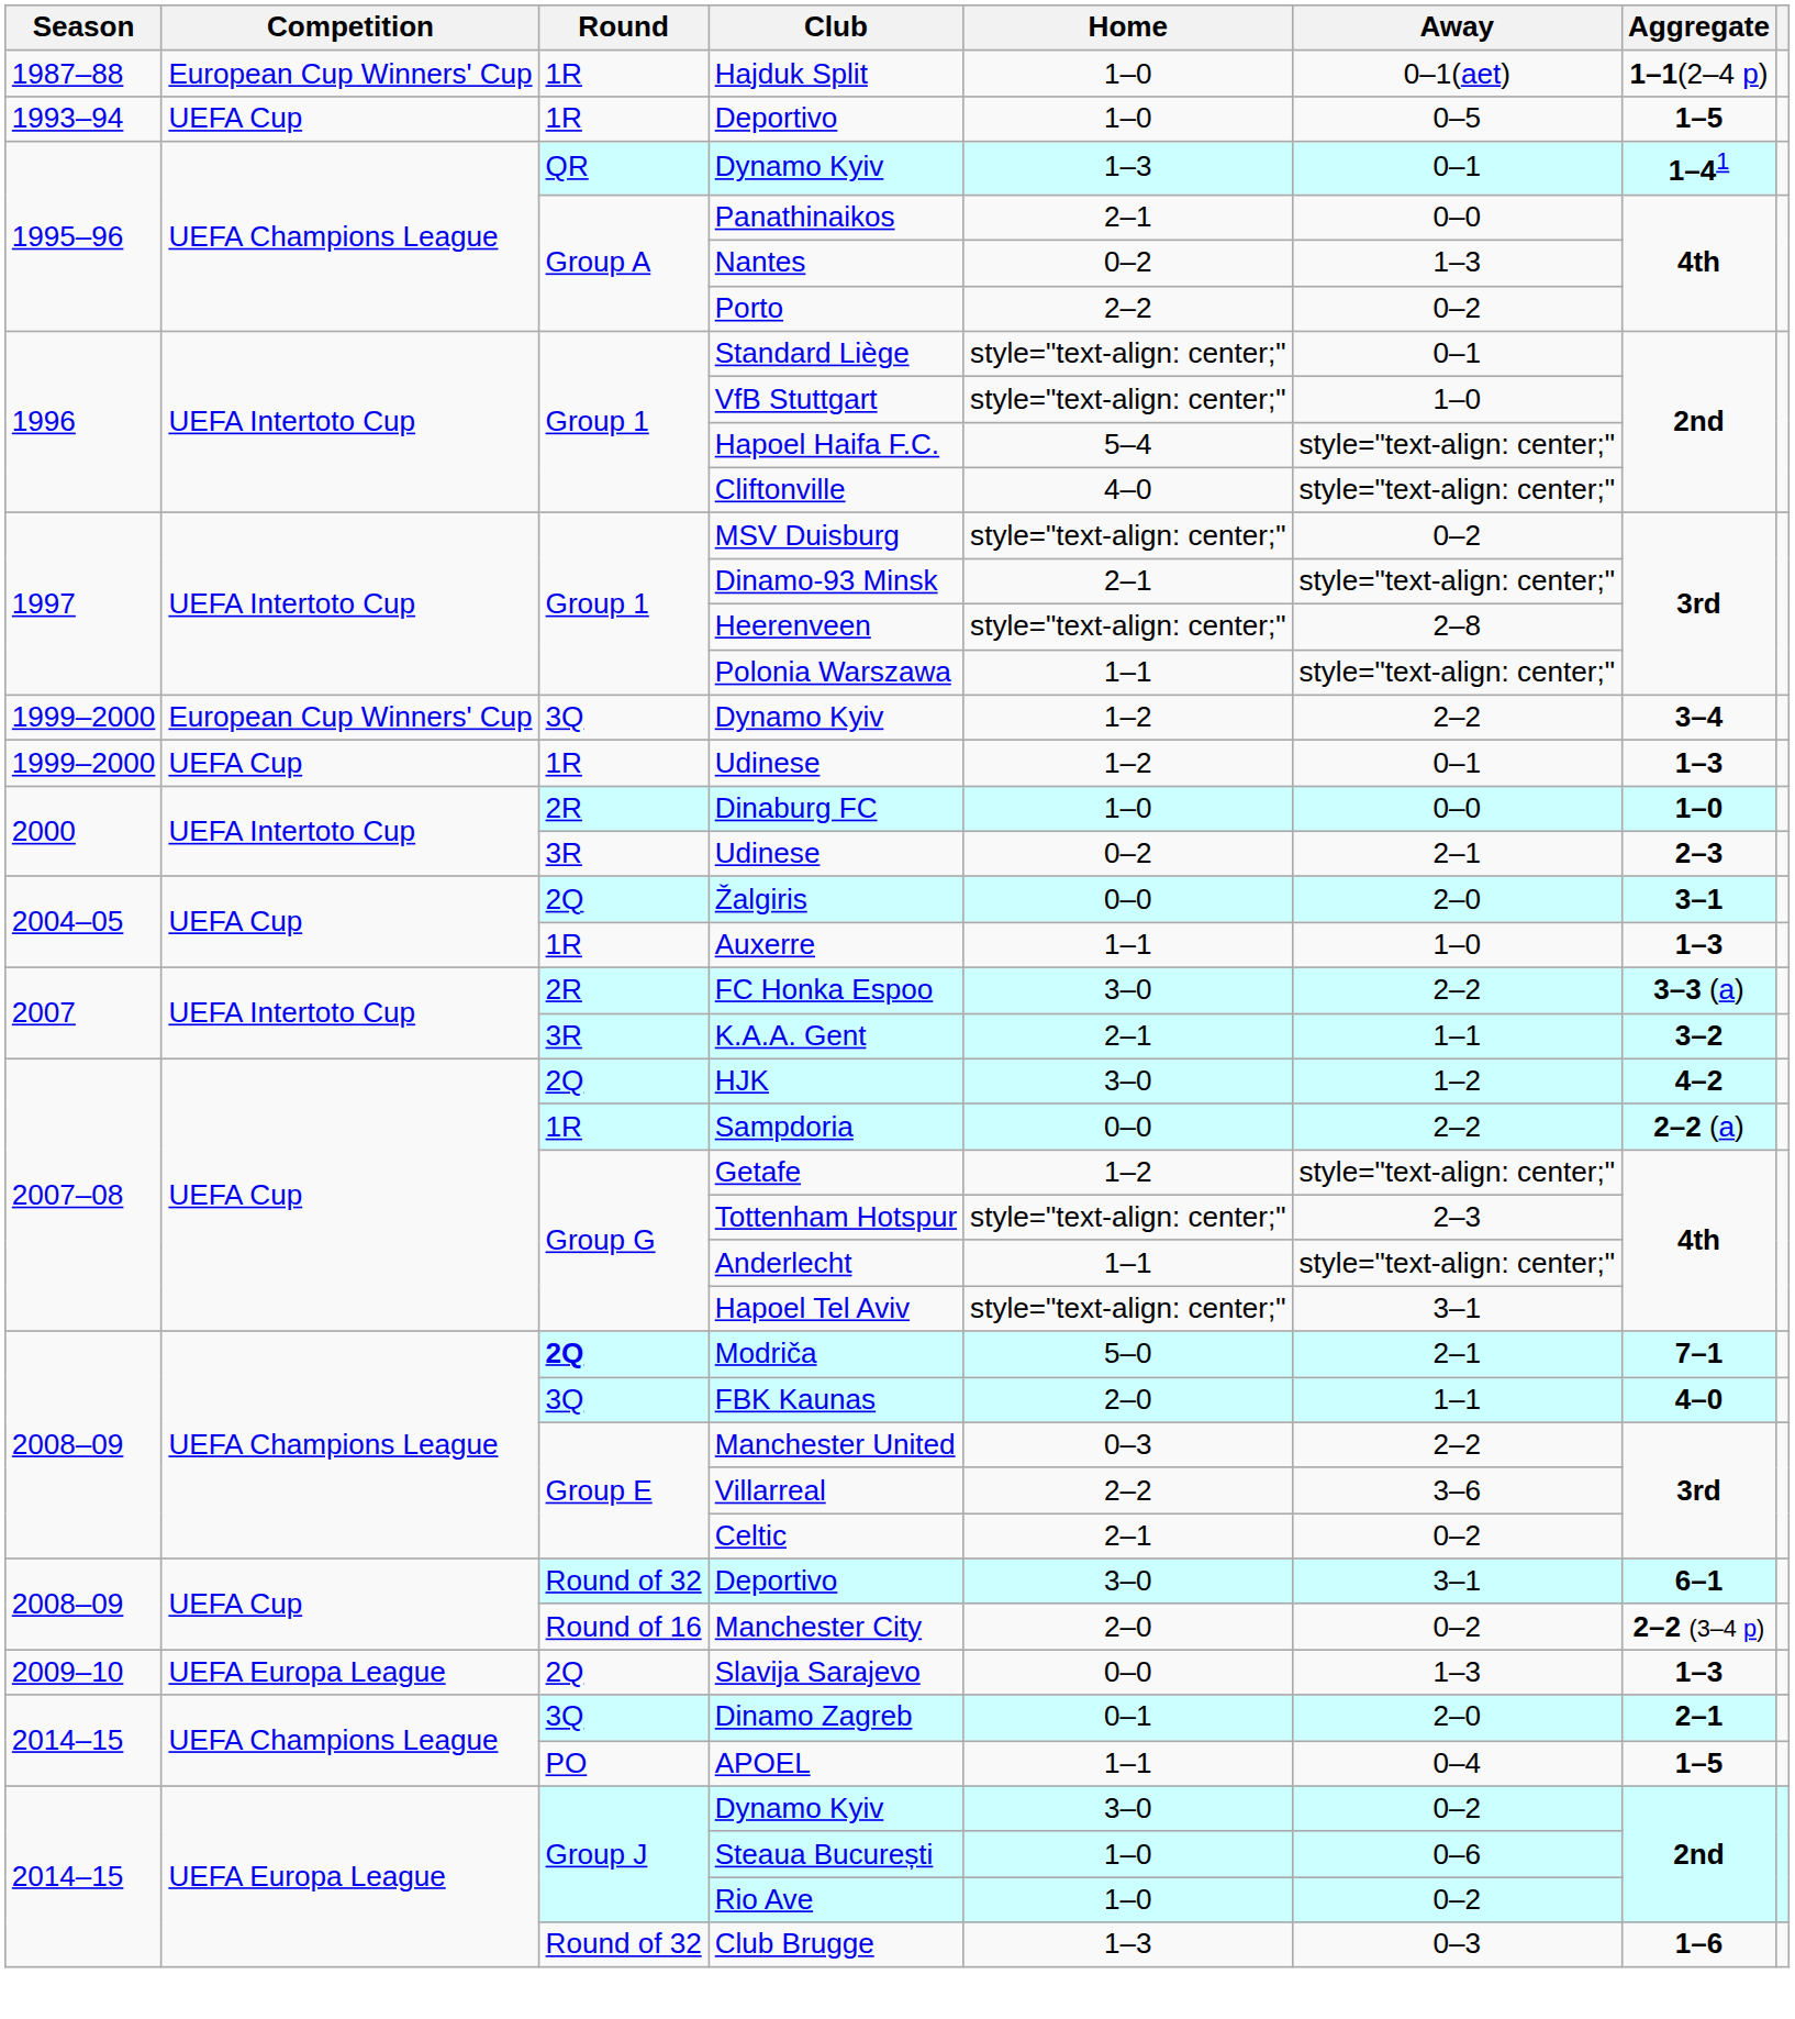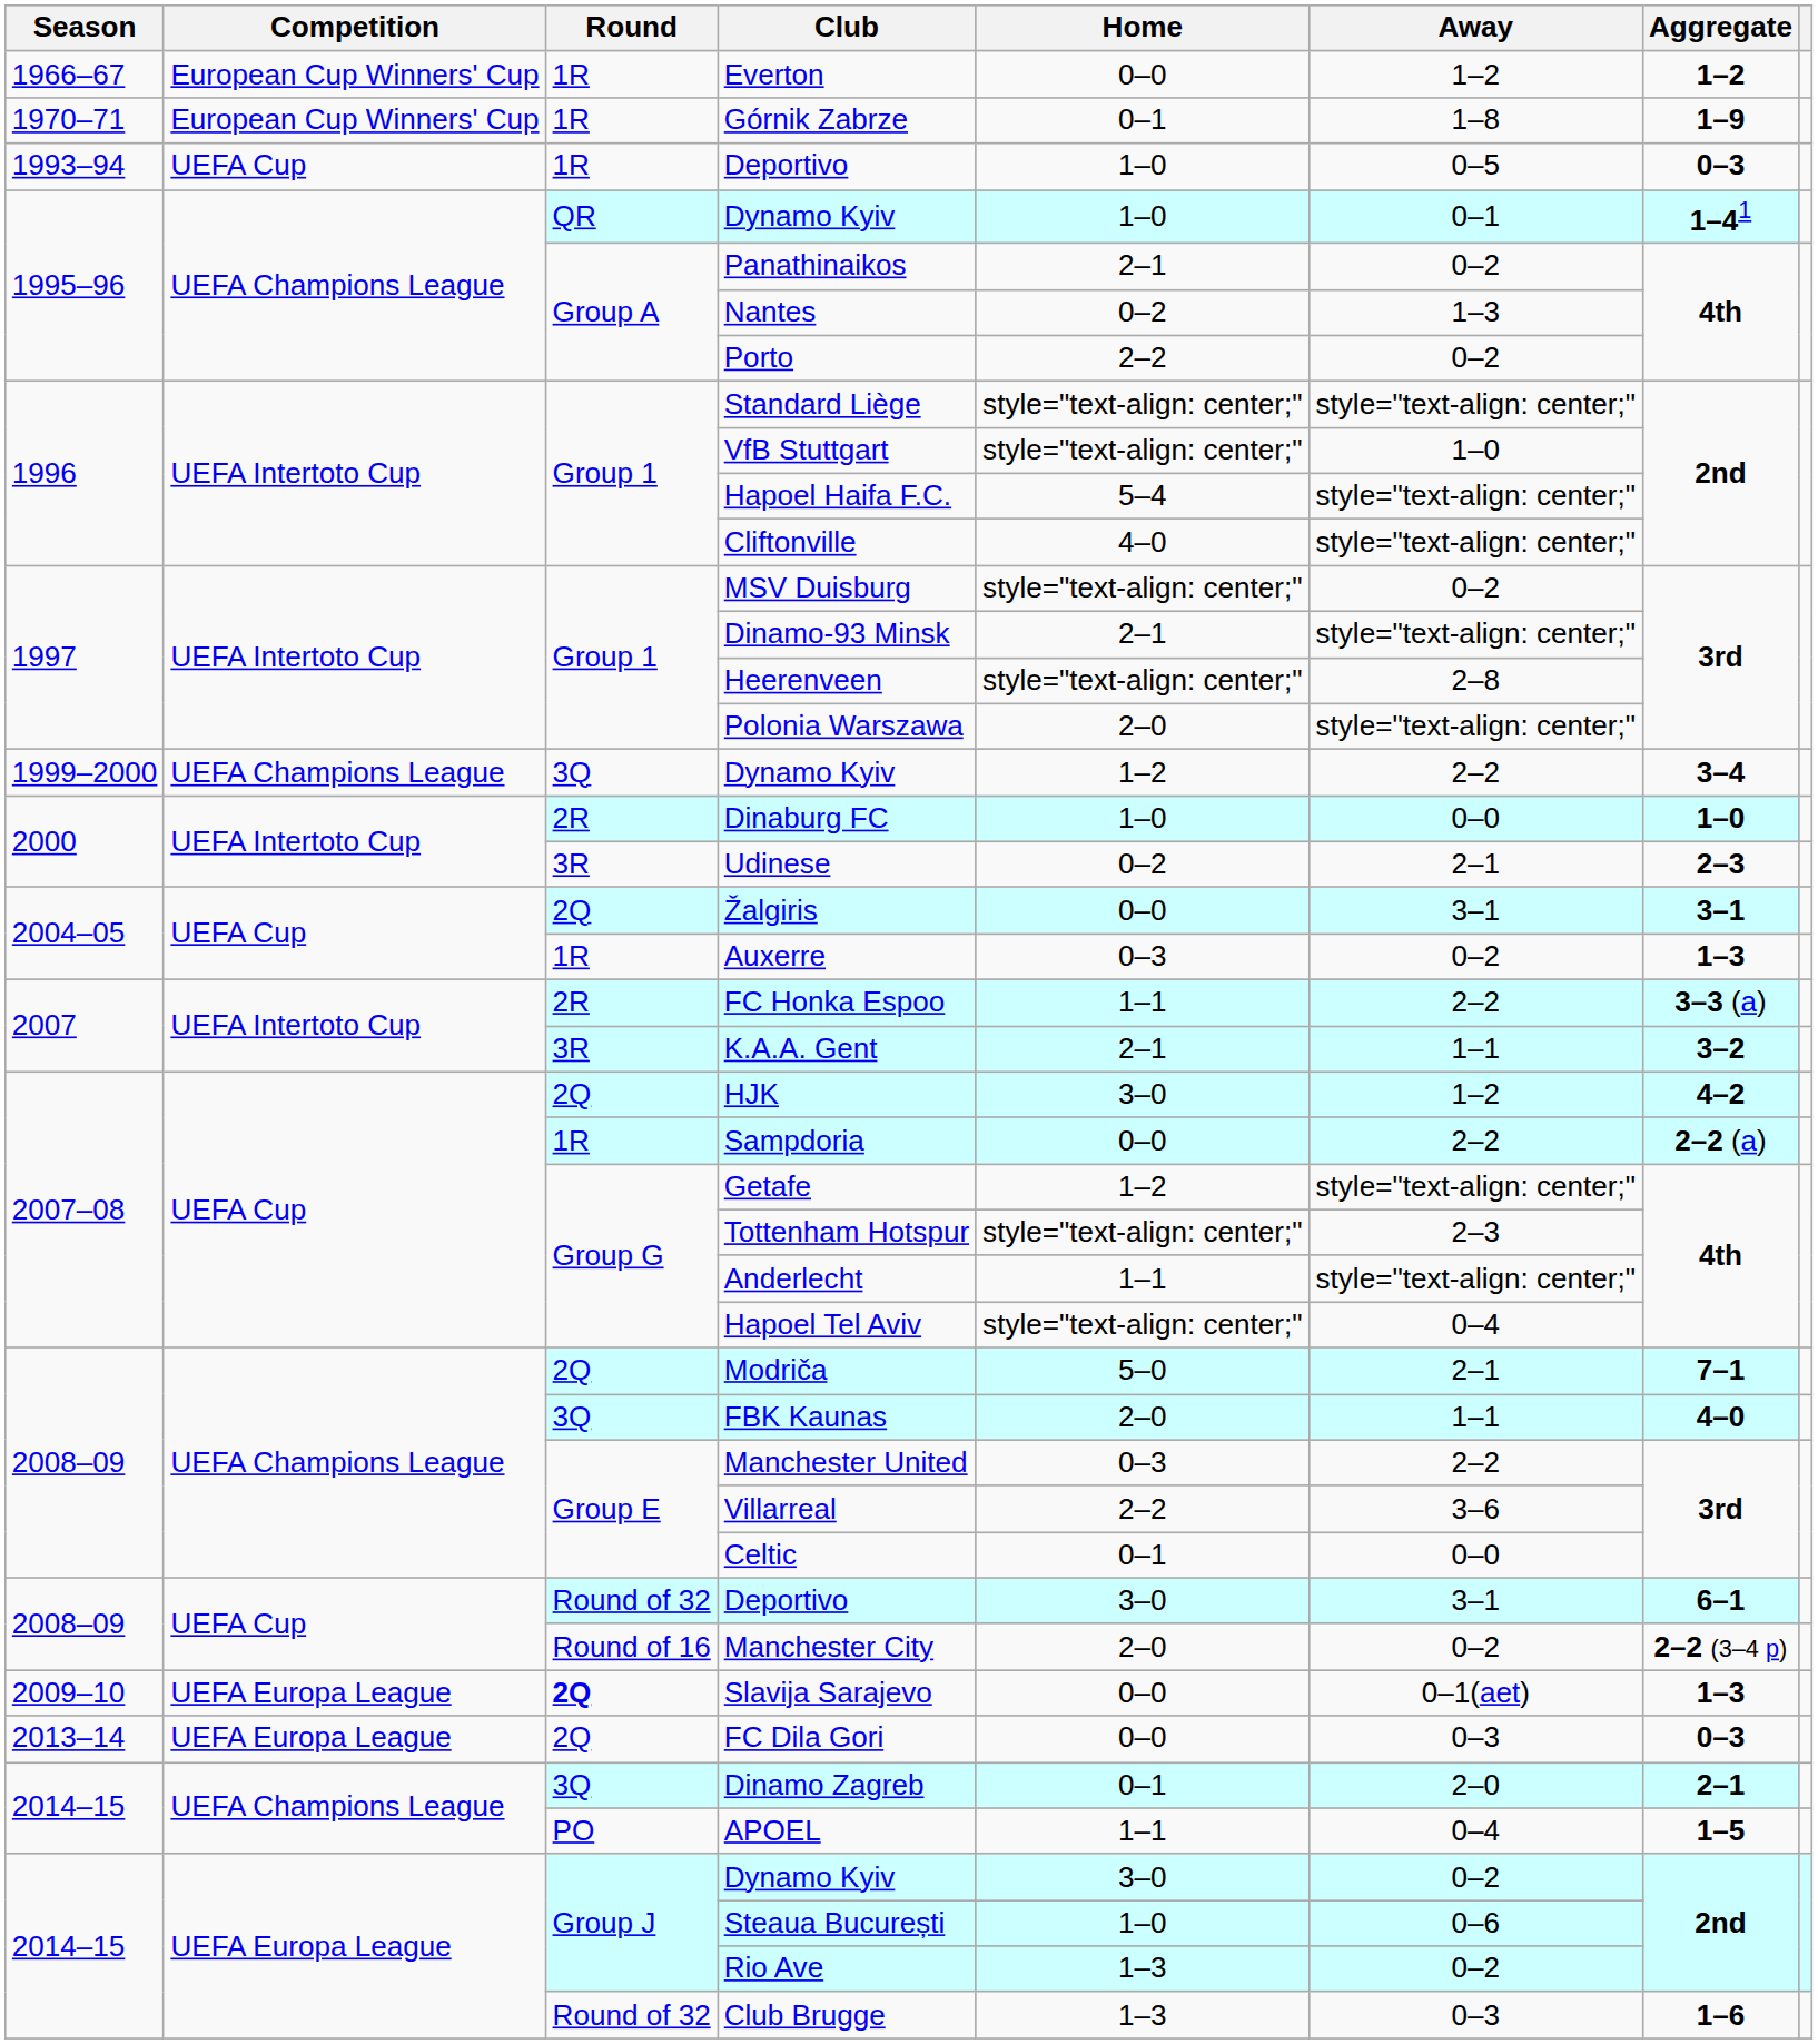 <table class="wikitable" style="text-align: left;">
 <tr>
 <th>Season</th>
 <th>Competition</th>
 <th>Round</th>
 <th>Club</th>
 <th>Home</th>
 <th>Away</th>
 <th>Aggregate</th>
 <th></th>
 </tr>
 <tr>
-<td><a href='#'>1987–88</a></td>
+<td><a href='#'>1966–67</a></td>
 <td><a href='#'>European Cup Winners' Cup</a></td>
 <td><a href='#'>1R</a></td>
-<td> <a href='#'>Hajduk Split</a></td>
-<td style="text-align: center;">1–0</td>
-<td style="text-align: center;">0–1(<a href='#'>aet</a>)</td>
-<td style="text-align: center;"><strong>1–1</strong>(2–4 <a href='#'>p</a>)</td>
+<td> <a href='#'>Everton</a></td>
+<td style="text-align: center;">0–0</td>
+<td style="text-align: center;">1–2</td>
+<td style="text-align: center;"><strong>1–2</strong></td>
+<td></td>
+</tr>
+<tr>
+<td><a href='#'>1970–71</a></td>
+<td><a href='#'>European Cup Winners' Cup</a></td>
+<td><a href='#'>1R</a></td>
+<td> <a href='#'>Górnik Zabrze</a></td>
+<td style="text-align: center;">0–1</td>
+<td style="text-align: center;">1–8</td>
+<td style="text-align: center;"><strong>1–9</strong></td>
 <td></td>
 </tr>
 <tr>
 <td><a href='#'>1993–94</a></td>
 <td><a href='#'>UEFA Cup</a></td>
 <td><a href='#'>1R</a></td>
 <td> <a href='#'>Deportivo</a></td>
 <td style="text-align: center;">1–0</td>
 <td style="text-align: center;">0–5</td>
-<td style="text-align: center;"><strong>1–5</strong></td>
+<td style="text-align: center;"><strong>0–3</strong></td>
 <td></td>
 </tr>
 <tr>
 <td rowspan="4"><a href='#'>1995–96</a></td>
 <td rowspan="4"><a href='#'>UEFA Champions League</a></td>
 <td style="background-color:#CFF"><a href='#'>QR</a></td>
 <td style="background-color:#CFF"> <a href='#'>Dynamo Kyiv</a></td>
-<td style="background-color:#CFF" align="center">1–3</td>
+<td style="background-color:#CFF" align="center">1–0</td>
 <td style="background-color:#CFF" align="center">0–1</td>
 <td style="background-color:#CFF" align="center"><strong>1–4</strong><sup><a href='#'>1</a></sup></td>
 <td></td>
 </tr>
 <tr>
 <td rowspan="3"><a href='#'>Group A</a></td>
 <td> <a href='#'>Panathinaikos</a></td>
 <td style="text-align: center;">2–1</td>
-<td style="text-align: center;">0–0</td>
+<td style="text-align: center;">0–2</td>
 <td rowspan=3 style="text-align: center;"><strong>4th</strong></td>
 <td rowspan="3"></td>
 </tr>
 <tr>
 <td> <a href='#'>Nantes</a></td>
 <td style="text-align: center;">0–2</td>
 <td style="text-align: center;">1–3</td>
 </tr>
 <tr>
 <td> <a href='#'>Porto</a></td>
 <td style="text-align: center;">2–2</td>
 <td style="text-align: center;">0–2</td>
 </tr>
 <tr>
 <td rowspan="4"><a href='#'>1996</a></td>
 <td rowspan="4"><a href='#'>UEFA Intertoto Cup</a></td>
 <td rowspan="4"><a href='#'>Group 1</a></td>
 <td> <a href='#'>Standard Liège</a></td>
 <td>style="text-align: center;" </td>
-<td style="text-align: center;">0–1</td>
+<td>style="text-align: center;" </td>
 <td rowspan=4 style="text-align: center;"><strong>2nd</strong></td>
 <td rowspan="4"></td>
 </tr>
 <tr>
 <td> <a href='#'>VfB Stuttgart</a></td>
 <td>style="text-align: center;" </td>
 <td style="text-align: center;">1–0</td>
 </tr>
 <tr>
 <td> <a href='#'>Hapoel Haifa F.C.</a></td>
 <td style="text-align: center;">5–4</td>
 <td>style="text-align: center;" </td>
 </tr>
 <tr>
 <td> <a href='#'>Cliftonville</a></td>
 <td style="text-align: center;">4–0</td>
 <td>style="text-align: center;" </td>
 </tr>
 <tr>
 <td rowspan="4"><a href='#'>1997</a></td>
 <td rowspan="4"><a href='#'>UEFA Intertoto Cup</a></td>
 <td rowspan="4"><a href='#'>Group 1</a></td>
 <td> <a href='#'>MSV Duisburg</a></td>
 <td>style="text-align: center;" </td>
 <td style="text-align: center;">0–2</td>
 <td rowspan=4 style="text-align: center;"><strong>3rd</strong></td>
 <td rowspan="4"></td>
 </tr>
 <tr>
 <td> <a href='#'>Dinamo-93 Minsk</a></td>
 <td style="text-align: center;">2–1</td>
 <td>style="text-align: center;" </td>
 </tr>
 <tr>
 <td> <a href='#'>Heerenveen</a></td>
 <td>style="text-align: center;" </td>
 <td style="text-align: center;">2–8</td>
 </tr>
 <tr>
 <td> <a href='#'>Polonia Warszawa</a></td>
-<td style="text-align: center;">1–1</td>
+<td style="text-align: center;">2–0</td>
 <td>style="text-align: center;" </td>
 </tr>
 <tr>
 <td><a href='#'>1999–2000</a></td>
-<td><a href='#'>European Cup Winners' Cup</a></td>
+<td><a href='#'>UEFA Champions League</a></td>
 <td><a href='#'>3Q</a></td>
 <td> <a href='#'>Dynamo Kyiv</a></td>
 <td style="text-align: center;">1–2</td>
 <td style="text-align: center;">2–2</td>
 <td style="text-align: center;"><strong>3–4</strong></td>
-<td></td>
-</tr>
-<tr>
-<td><a href='#'>1999–2000</a></td>
-<td><a href='#'>UEFA Cup</a></td>
-<td><a href='#'>1R</a></td>
-<td> <a href='#'>Udinese</a></td>
-<td style="text-align: center;">1–2</td>
-<td style="text-align: center;">0–1</td>
-<td style="text-align: center;"><strong>1–3</strong></td>
 <td></td>
 </tr>
 <tr>
 <td rowspan="2"><a href='#'>2000</a></td>
 <td rowspan="2"><a href='#'>UEFA Intertoto Cup</a></td>
 <td style="background-color:#CFF"><a href='#'>2R</a></td>
 <td style="background-color:#CFF"> <a href='#'>Dinaburg FC</a></td>
 <td style="background-color:#CFF" align="center">1–0</td>
 <td style="background-color:#CFF" align="center">0–0</td>
 <td style="background-color:#CFF" align="center"><strong>1–0</strong></td>
 <td></td>
 </tr>
 <tr>
 <td><a href='#'>3R</a></td>
 <td> <a href='#'>Udinese</a></td>
 <td align="center">0–2</td>
 <td align="center">2–1</td>
 <td align="center"><strong>2–3</strong></td>
 <td></td>
 </tr>
 <tr>
 <td rowspan="2"><a href='#'>2004–05</a></td>
 <td rowspan="2"><a href='#'>UEFA Cup</a></td>
 <td style="background-color:#CFF"><a href='#'>2Q</a></td>
 <td style="background-color:#CFF"> <a href='#'>Žalgiris</a></td>
 <td style="background-color:#CFF" align="center">0–0</td>
-<td style="background-color:#CFF" align="center">2–0</td>
+<td style="background-color:#CFF" align="center">3–1</td>
 <td style="background-color:#CFF" align="center"><strong>3–1</strong></td>
 <td></td>
 </tr>
 <tr>
 <td><a href='#'>1R</a></td>
 <td> <a href='#'>Auxerre</a></td>
-<td style="text-align: center;">1–1</td>
-<td style="text-align: center;">1–0</td>
+<td style="text-align: center;">0–3</td>
+<td style="text-align: center;">0–2</td>
 <td style="text-align: center;"><strong>1–3</strong></td>
 <td></td>
 </tr>
 <tr>
 <td rowspan="2"><a href='#'>2007</a></td>
 <td rowspan="2"><a href='#'>UEFA Intertoto Cup</a></td>
 <td style="background-color:#CFF"><a href='#'>2R</a></td>
 <td style="background-color:#CFF"> <a href='#'>FC Honka Espoo</a></td>
-<td style="background-color:#CFF" align="center">3–0</td>
+<td style="background-color:#CFF" align="center">1–1</td>
 <td style="background-color:#CFF" align="center">2–2</td>
 <td style="background-color:#CFF" align="center"><strong>3–3</strong> (<a href='#'>a</a>)</td>
 <td></td>
 </tr>
 <tr>
 <td style="background-color:#CFF"><a href='#'>3R</a></td>
 <td style="background-color:#CFF"> <a href='#'>K.A.A. Gent</a></td>
 <td style="background-color:#CFF" align="center">2–1</td>
 <td style="background-color:#CFF" align="center">1–1</td>
 <td style="background-color:#CFF" align="center"><strong>3–2</strong></td>
 <td></td>
 </tr>
 <tr>
 <td rowspan="6"><a href='#'>2007–08</a></td>
 <td rowspan="6"><a href='#'>UEFA Cup</a></td>
 <td style="background-color:#CFF"><a href='#'>2Q</a></td>
 <td style="background-color:#CFF"> <a href='#'>HJK</a></td>
 <td style="background-color:#CFF" align="center">3–0</td>
 <td style="background-color:#CFF" align="center">1–2</td>
 <td style="background-color:#CFF" align="center"><strong>4–2</strong></td>
 <td></td>
 </tr>
 <tr>
 <td style="background-color:#CFF"><a href='#'>1R</a></td>
 <td style="background-color:#CFF"> <a href='#'>Sampdoria</a></td>
 <td style="background-color:#CFF" align="center">0–0</td>
 <td style="background-color:#CFF" align="center">2–2</td>
 <td style="background-color:#CFF" align="center"><strong>2–2</strong> (<a href='#'>a</a>)</td>
 <td></td>
 </tr>
 <tr>
 <td rowspan="4"><a href='#'>Group G</a></td>
 <td> <a href='#'>Getafe</a></td>
 <td style="text-align: center;">1–2</td>
 <td>style="text-align: center;" </td>
 <td rowspan=4 style="text-align: center;"><strong>4th</strong></td>
 <td rowspan="4"></td>
 </tr>
 <tr>
 <td> <a href='#'>Tottenham Hotspur</a></td>
 <td>style="text-align: center;" </td>
 <td style="text-align: center;">2–3</td>
 </tr>
 <tr>
 <td> <a href='#'>Anderlecht</a></td>
 <td style="text-align: center;">1–1</td>
 <td>style="text-align: center;" </td>
 </tr>
 <tr>
 <td> <a href='#'>Hapoel Tel Aviv</a></td>
 <td>style="text-align: center;" </td>
-<td style="text-align: center;">3–1</td>
+<td style="text-align: center;">0–4</td>
 </tr>
 <tr>
 <td rowspan="5"><a href='#'>2008–09</a></td>
 <td rowspan="5"><a href='#'>UEFA Champions League</a></td>
-<td style="background-color:#CFF"><strong><a href='#'>2Q</a></strong></td>
+<td style="background-color:#CFF"><a href='#'>2Q</a></td>
 <td style="background-color:#CFF"> <a href='#'>Modriča</a></td>
 <td style="background-color:#CFF" align="center">5–0</td>
 <td style="background-color:#CFF" align="center">2–1</td>
 <td style="background-color:#CFF" align="center"><strong>7–1</strong></td>
 <td></td>
 </tr>
 <tr>
 <td style="background-color:#CFF"><a href='#'>3Q</a></td>
 <td style="background-color:#CFF"> <a href='#'>FBK Kaunas</a></td>
 <td style="background-color:#CFF" align="center">2–0</td>
 <td style="background-color:#CFF" align="center">1–1</td>
 <td style="background-color:#CFF" align="center"><strong>4–0</strong></td>
 <td></td>
 </tr>
 <tr>
 <td rowspan="3"><a href='#'>Group E</a></td>
 <td> <a href='#'>Manchester United</a></td>
 <td style="text-align: center;">0–3</td>
 <td style="text-align: center;">2–2</td>
 <td rowspan=3 style="text-align: center;"><strong>3rd</strong></td>
 <td rowspan="3"></td>
 </tr>
 <tr>
 <td> <a href='#'>Villarreal</a></td>
 <td style="text-align: center;">2–2</td>
 <td style="text-align: center;">3–6</td>
 </tr>
 <tr>
 <td> <a href='#'>Celtic</a></td>
-<td style="text-align: center;">2–1</td>
-<td style="text-align: center;">0–2</td>
+<td style="text-align: center;">0–1</td>
+<td style="text-align: center;">0–0</td>
 </tr>
 <tr>
 <td rowspan="2"><a href='#'>2008–09</a></td>
 <td rowspan="2"><a href='#'>UEFA Cup</a></td>
 <td style="background-color:#CFF"><a href='#'>Round of 32</a></td>
 <td style="background-color:#CFF"> <a href='#'>Deportivo</a></td>
 <td style="background-color:#CFF" align="center">3–0</td>
 <td style="background-color:#CFF" align="center">3–1</td>
 <td style="background-color:#CFF" align="center"><strong>6–1</strong></td>
 <td></td>
 </tr>
 <tr>
 <td><a href='#'>Round of 16</a></td>
 <td> <a href='#'>Manchester City</a></td>
 <td style="text-align: center;">2–0 <small></small></td>
 <td style="text-align: center;">0–2</td>
 <td style="text-align: center;"><strong>2–2</strong> <small>(3–4 <a href='#'>p</a>)</small></td>
 <td></td>
 </tr>
 <tr>
 <td><a href='#'>2009–10</a></td>
 <td><a href='#'>UEFA Europa League</a></td>
-<td><a href='#'>2Q</a></td>
+<td><strong><a href='#'>2Q</a></strong></td>
 <td> <a href='#'>Slavija Sarajevo</a></td>
 <td style="text-align: center;">0–0</td>
-<td style="text-align: center;">1–3</td>
+<td style="text-align: center;">0–1(<a href='#'>aet</a>)</td>
 <td style="text-align: center;"><strong>1–3</strong></td>
+<td></td>
+</tr>
+<tr>
+<td><a href='#'>2013–14</a></td>
+<td><a href='#'>UEFA Europa League</a></td>
+<td><a href='#'>2Q</a></td>
+<td> <a href='#'>FC Dila Gori</a></td>
+<td style="text-align: center;">0–0</td>
+<td style="text-align: center;">0–3</td>
+<td style="text-align: center;"><strong>0–3</strong></td>
 <td></td>
 </tr>
 <tr>
 <td rowspan="2"><a href='#'>2014–15</a></td>
 <td rowspan="2"><a href='#'>UEFA Champions League</a></td>
 <td style="background-color:#CFF"><a href='#'>3Q</a></td>
 <td style="background-color:#CFF"> <a href='#'>Dinamo Zagreb</a></td>
 <td style="background-color:#CFF" align="center">0–1</td>
 <td style="background-color:#CFF" align="center">2–0</td>
 <td style="background-color:#CFF" align="center"><strong>2–1</strong></td>
 <td></td>
 </tr>
 <tr>
 <td><a href='#'>PO</a></td>
 <td> <a href='#'>APOEL</a></td>
 <td style="text-align: center;">1–1</td>
 <td style="text-align: center;">0–4</td>
 <td style="text-align: center;"><strong>1–5</strong></td>
 <td></td>
 </tr>
 <tr>
 <td rowspan="4"><a href='#'>2014–15</a></td>
 <td rowspan="4"><a href='#'>UEFA Europa League</a></td>
 <td rowspan=3 style="background-color:#CFF"><a href='#'>Group J</a></td>
 <td style="background-color:#CFF"> <a href='#'>Dynamo Kyiv</a></td>
 <td style="background-color:#CFF" align="center">3–0</td>
 <td style="background-color:#CFF" align="center">0–2</td>
 <td rowspan=3 style="background-color:#CFF" align="center"><strong>2nd</strong></td>
 <td rowspan="3" style="background-color:#CFF" align="center"></td>
 </tr>
 <tr>
 <td style="background-color:#CFF"> <a href='#'>Steaua București</a></td>
 <td style="background-color:#CFF" align="center">1–0</td>
 <td style="background-color:#CFF" align="center">0–6</td>
 </tr>
 <tr>
 <td style="background-color:#CFF"> <a href='#'>Rio Ave</a></td>
-<td style="background-color:#CFF" align="center">1–0</td>
+<td style="background-color:#CFF" align="center">1–3</td>
 <td style="background-color:#CFF" align="center">0–2</td>
 </tr>
 <tr>
 <td><a href='#'>Round of 32</a></td>
 <td> <a href='#'>Club Brugge</a></td>
 <td style="text-align: center;">1–3</td>
 <td style="text-align: center;">0–3</td>
 <td style="text-align: center;"><strong>1–6</strong></td>
 <td></td>
 </tr>
 </table>
